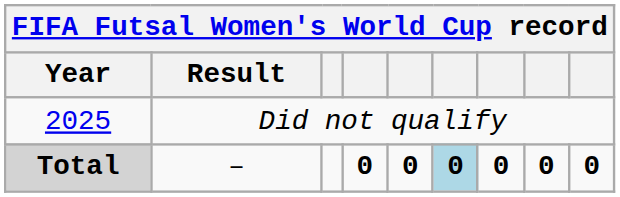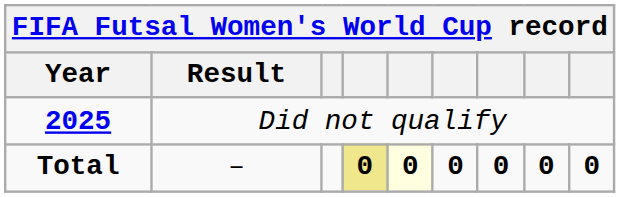 <table class="wikitable" style="text-align: center;font-size:90%;">
 <tr>
 <th colspan="9"><a href='#'>FIFA Futsal Women's World Cup</a> record</th>
 </tr>
 <tr>
 <th>Year</th>
 <th>Result</th>
 <th></th>
 <th></th>
 <th></th>
 <th></th>
 <th></th>
 <th></th>
 <th></th>
 </tr>
 <tr>
-<td style=> <a href='#'>2025</a></td>
+<td style=><strong> <a href='#'>2025</a></strong></td>
 <td colspan="8"><em>Did not qualify</em></td>
 </tr>
 <tr>
-<td style="background: lightgrey;"><strong>Total</strong></td>
+<td><strong>Total</strong></td>
 <td>–</td>
 <td><strong></strong></td>
+<td style="background: khaki;"><strong>0</strong></td>
+<td style="background: lightyellow;"><strong>0</strong></td>
 <td><strong>0</strong></td>
-<td><strong>0</strong></td>
-<td style="background: lightblue;"><strong>0</strong></td>
 <td><strong>0</strong></td>
 <td><strong>0</strong></td>
 <td><strong>0</strong></td>
 </tr>
 </table>
